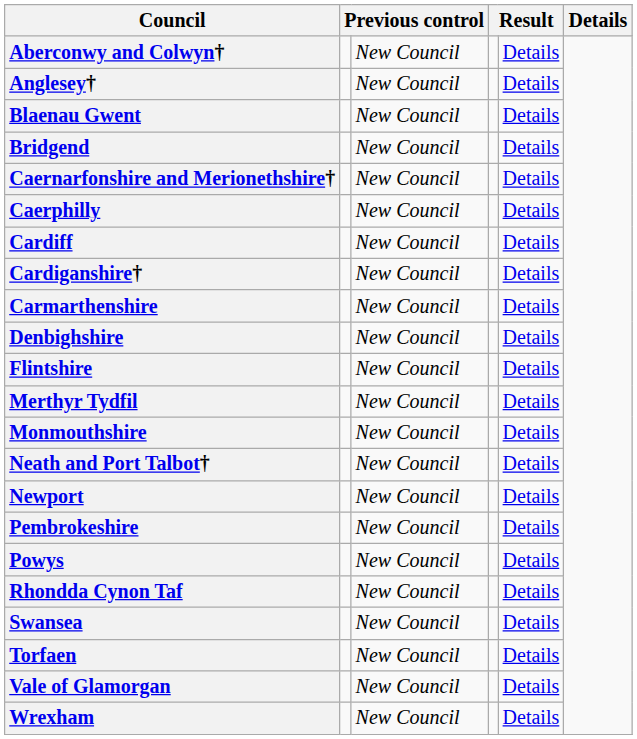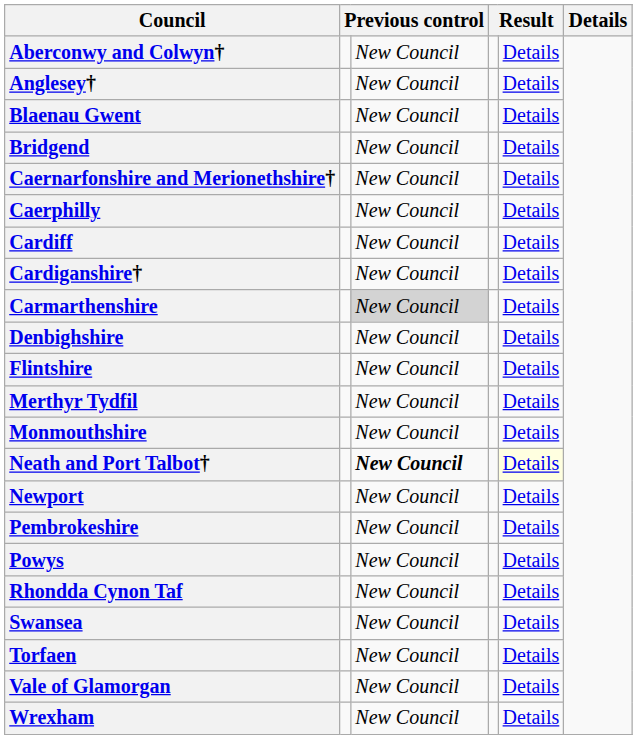 <table class="wikitable sortable" border="1">
 <tr>
 <th scope="col">Council</th>
 <th colspan=2>Previous control</th>
 <th colspan=2>Result</th>
 <th class="unsortable" scope="col">Details</th>
 </tr>
 <tr>
 <th scope="row" style="text-align: left;"><a href='#'>Aberconwy and Colwyn</a>†</th>
 <td></td>
 <td><em>New Council</em></td>
 <td></td>
 <td><a href='#'>Details</a></td>
 </tr>
 <tr>
 <th scope="row" style="text-align: left;"><a href='#'>Anglesey</a>†</th>
 <td></td>
 <td><em>New Council</em></td>
 <td></td>
 <td><a href='#'>Details</a></td>
 </tr>
 <tr>
 <th scope="row" style="text-align: left;"><a href='#'>Blaenau Gwent</a></th>
 <td></td>
 <td><em>New Council</em></td>
 <td></td>
 <td><a href='#'>Details</a></td>
 </tr>
 <tr>
 <th scope="row" style="text-align: left;"><a href='#'>Bridgend</a></th>
 <td></td>
 <td><em>New Council</em></td>
 <td></td>
 <td><a href='#'>Details</a></td>
 </tr>
 <tr>
 <th scope="row" style="text-align: left;"><a href='#'>Caernarfonshire and Merionethshire</a>†</th>
 <td></td>
 <td><em>New Council</em></td>
 <td></td>
 <td><a href='#'>Details</a></td>
 </tr>
 <tr>
 <th scope="row" style="text-align: left;"><a href='#'>Caerphilly</a></th>
 <td></td>
 <td><em>New Council</em></td>
 <td></td>
 <td><a href='#'>Details</a></td>
 </tr>
 <tr>
 <th scope="row" style="text-align: left;"><a href='#'>Cardiff</a></th>
 <td></td>
 <td><em>New Council</em></td>
 <td></td>
 <td><a href='#'>Details</a></td>
 </tr>
 <tr>
 <th scope="row" style="text-align: left;"><a href='#'>Cardiganshire</a>†</th>
 <td></td>
 <td><em>New Council</em></td>
 <td></td>
 <td><a href='#'>Details</a></td>
 </tr>
 <tr>
 <th scope="row" style="text-align: left;"><a href='#'>Carmarthenshire</a></th>
 <td></td>
-<td><em>New Council</em></td>
+<td style="background: lightgrey;"><em>New Council</em></td>
 <td></td>
 <td><a href='#'>Details</a></td>
 </tr>
 <tr>
 <th scope="row" style="text-align: left;"><a href='#'>Denbighshire</a></th>
 <td></td>
 <td><em>New Council</em></td>
 <td></td>
 <td><a href='#'>Details</a></td>
 </tr>
 <tr>
 <th scope="row" style="text-align: left;"><a href='#'>Flintshire</a></th>
 <td></td>
 <td><em>New Council</em></td>
 <td></td>
 <td><a href='#'>Details</a></td>
 </tr>
 <tr>
 <th scope="row" style="text-align: left;"><a href='#'>Merthyr Tydfil</a></th>
 <td></td>
 <td><em>New Council</em></td>
 <td></td>
 <td><a href='#'>Details</a></td>
 </tr>
 <tr>
 <th scope="row" style="text-align: left;"><a href='#'>Monmouthshire</a></th>
 <td></td>
 <td><em>New Council</em></td>
 <td></td>
 <td><a href='#'>Details</a></td>
 </tr>
 <tr>
 <th scope="row" style="text-align: left;"><a href='#'>Neath and Port Talbot</a>†</th>
 <td></td>
-<td><em>New Council</em></td>
+<td><strong><em>New Council</em></strong></td>
 <td></td>
-<td><a href='#'>Details</a></td>
+<td style="background: lightyellow;"><a href='#'>Details</a></td>
 </tr>
 <tr>
 <th scope="row" style="text-align: left;"><a href='#'>Newport</a></th>
 <td></td>
 <td><em>New Council</em></td>
 <td></td>
 <td><a href='#'>Details</a></td>
 </tr>
 <tr>
 <th scope="row" style="text-align: left;"><a href='#'>Pembrokeshire</a></th>
 <td></td>
 <td><em>New Council</em></td>
 <td></td>
 <td><a href='#'>Details</a></td>
 </tr>
 <tr>
 <th scope="row" style="text-align: left;"><a href='#'>Powys</a></th>
 <td></td>
 <td><em>New Council</em></td>
 <td></td>
 <td><a href='#'>Details</a></td>
 </tr>
 <tr>
 <th scope="row" style="text-align: left;"><a href='#'>Rhondda Cynon Taf</a></th>
 <td></td>
 <td><em>New Council</em></td>
 <td></td>
 <td><a href='#'>Details</a></td>
 </tr>
 <tr>
 <th scope="row" style="text-align: left;"><a href='#'>Swansea</a></th>
 <td></td>
 <td><em>New Council</em></td>
 <td></td>
 <td><a href='#'>Details</a></td>
 </tr>
 <tr>
 <th scope="row" style="text-align: left;"><a href='#'>Torfaen</a></th>
 <td></td>
 <td><em>New Council</em></td>
 <td></td>
 <td><a href='#'>Details</a></td>
 </tr>
 <tr>
 <th scope="row" style="text-align: left;"><a href='#'>Vale of Glamorgan</a></th>
 <td></td>
 <td><em>New Council</em></td>
 <td></td>
 <td><a href='#'>Details</a></td>
 </tr>
 <tr>
 <th scope="row" style="text-align: left;"><a href='#'>Wrexham</a></th>
 <td></td>
 <td><em>New Council</em></td>
 <td></td>
 <td><a href='#'>Details</a></td>
 </tr>
 </table>
